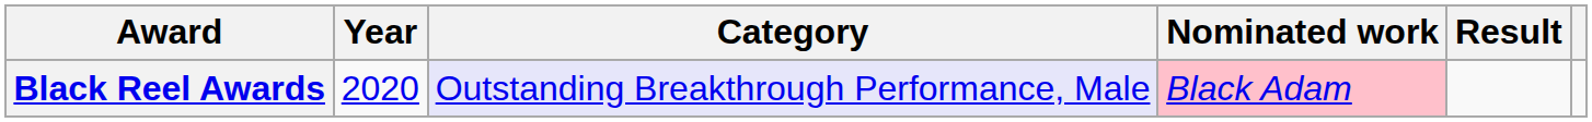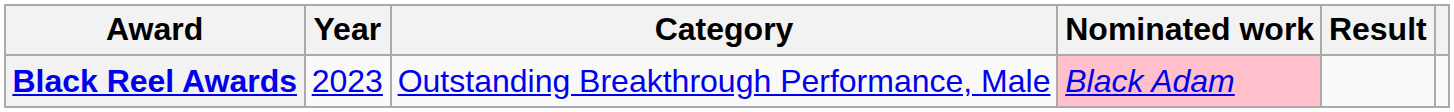 <table class="wikitable plainrowheaders sortable">
 <tr>
 <th scope="col">Award</th>
 <th scope="col">Year</th>
 <th scope="col">Category</th>
 <th scope="col">Nominated work</th>
 <th scope="col">Result</th>
 <th scope="col" class="unsortable"></th>
 </tr>
 <tr>
 <th scope="row" style="text-align:center;"><a href='#'>Black Reel Awards</a></th>
-<td><a href='#'>2020</a></td>
-<td style="background: lavender;"><a href='#'>Outstanding Breakthrough Performance, Male</a></td>
+<td><a href='#'>2023</a></td>
+<td><a href='#'>Outstanding Breakthrough Performance, Male</a></td>
 <td style="background: pink;"><em><a href='#'>Black Adam</a></em></td>
 <td></td>
 <td style="text-align:center;"></td>
 </tr>
 </table>
